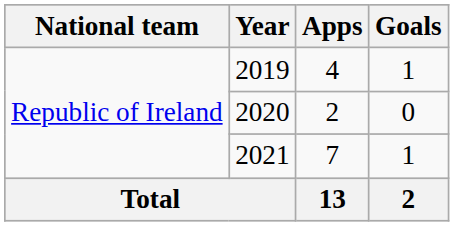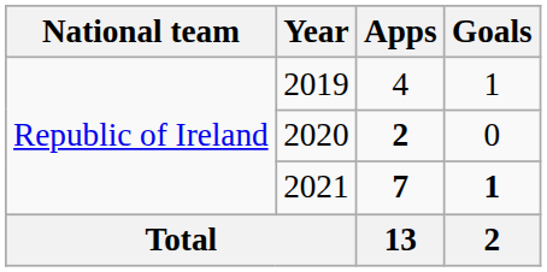 <table class=wikitable style=text-align:center>
 <tr>
 <th>National team</th>
 <th>Year</th>
 <th>Apps</th>
 <th>Goals</th>
 </tr>
 <tr>
 <td rowspan=3><a href='#'>Republic of Ireland</a></td>
 <td>2019</td>
 <td>4</td>
 <td>1</td>
 </tr>
 <tr>
 <td>2020</td>
-<td>2</td>
+<td><strong>2</strong></td>
 <td>0</td>
 </tr>
 <tr>
 <td>2021</td>
-<td>7</td>
-<td>1</td>
+<td><strong>7</strong></td>
+<td><strong>1</strong></td>
 </tr>
 <tr>
 <th colspan=2>Total</th>
 <th>13</th>
 <th>2</th>
 </tr>
 </table>
